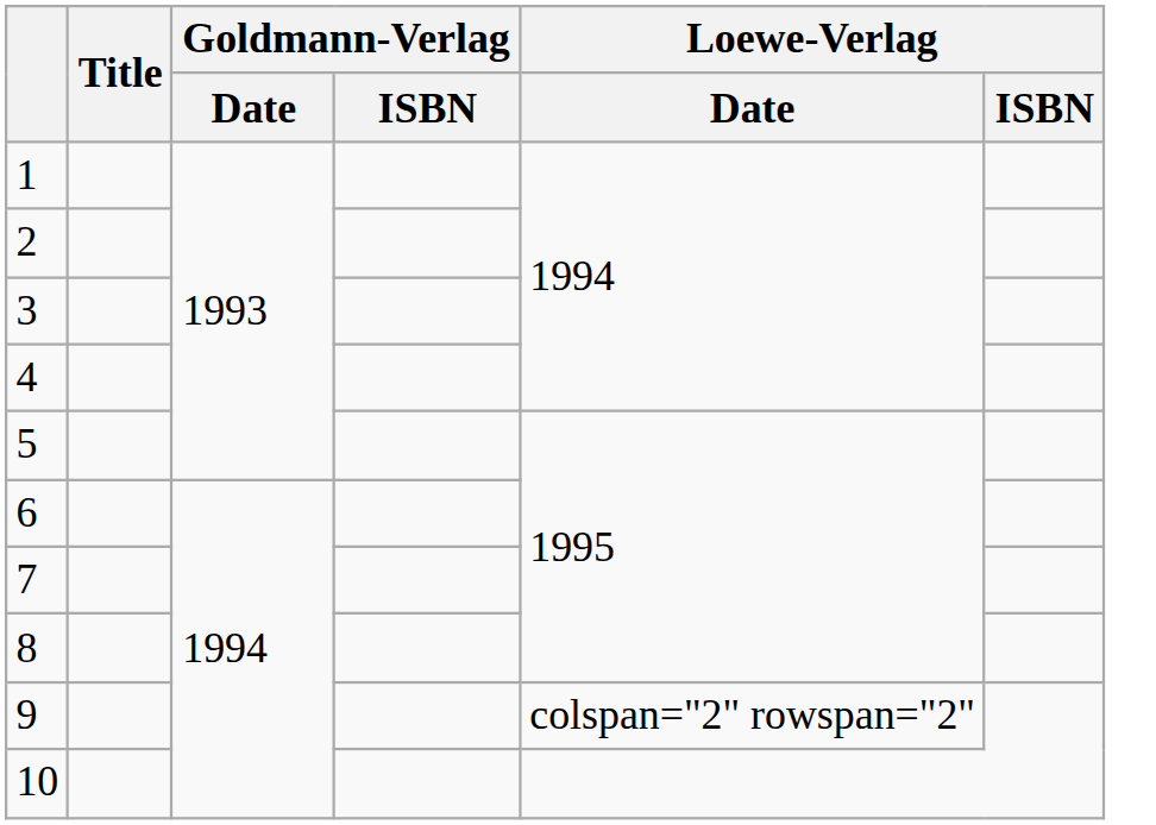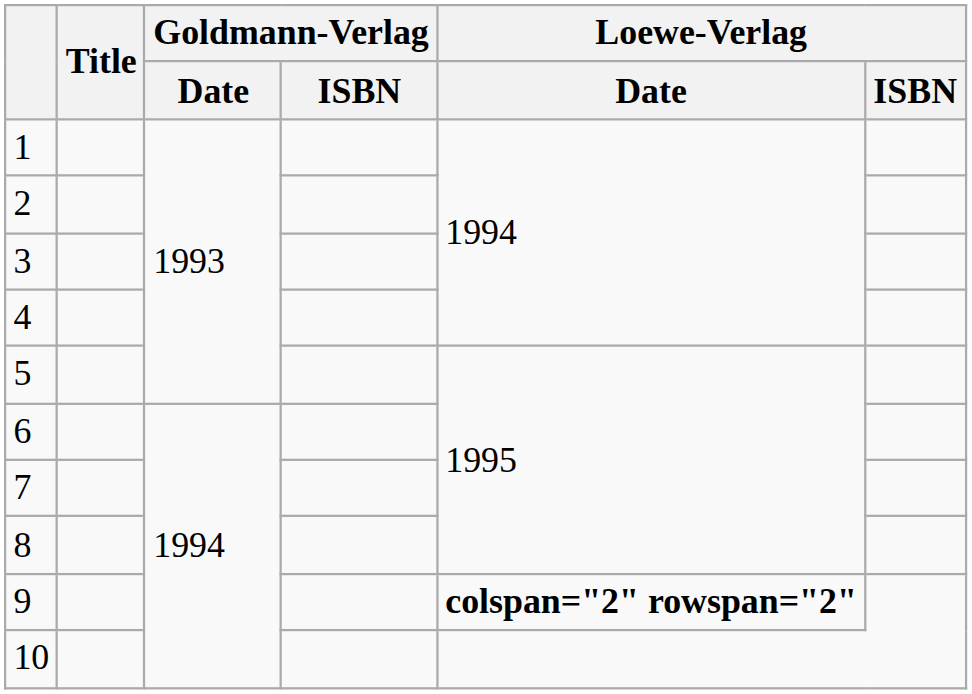 <table class="wikitable">
 <tr>
 <th rowspan="2"></th>
 <th rowspan="2">Title</th>
 <th colspan="2">Goldmann-Verlag</th>
 <th colspan="2">Loewe-Verlag</th>
 </tr>
 <tr>
 <th>Date</th>
 <th>ISBN</th>
 <th>Date</th>
 <th>ISBN</th>
 </tr>
 <tr>
 <td>1</td>
 <td></td>
 <td rowspan="5">1993</td>
 <td></td>
 <td rowspan="4">1994</td>
 <td></td>
 </tr>
 <tr>
 <td>2</td>
 <td></td>
 <td></td>
 <td></td>
 </tr>
 <tr>
 <td>3</td>
 <td></td>
 <td></td>
 <td></td>
 </tr>
 <tr>
 <td>4</td>
 <td></td>
 <td></td>
 <td></td>
 </tr>
 <tr>
 <td>5</td>
 <td></td>
 <td></td>
 <td rowspan="4">1995</td>
 <td></td>
 </tr>
 <tr>
 <td>6</td>
 <td></td>
 <td rowspan="5">1994</td>
 <td></td>
 <td></td>
 </tr>
 <tr>
 <td>7</td>
 <td></td>
 <td></td>
 <td></td>
 </tr>
 <tr>
 <td>8</td>
 <td></td>
 <td></td>
 <td></td>
 </tr>
 <tr>
 <td>9</td>
 <td></td>
 <td></td>
-<td>colspan="2" rowspan="2" </td>
+<td><strong>colspan="2" rowspan="2" </strong></td>
 </tr>
 <tr>
 <td>10</td>
 <td></td>
 <td></td>
 </tr>
 </table>
